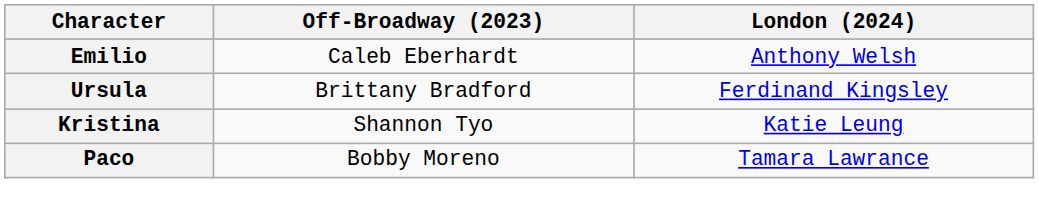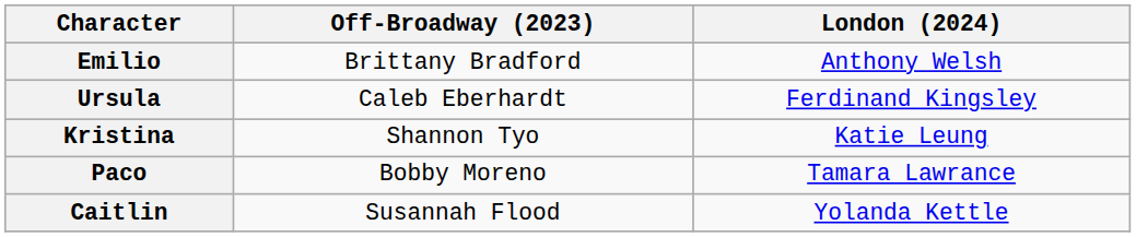 <table class="wikitable" style="width:50%; text-align:center">
 <tr>
 <th scope="col">Character</th>
 <th>Off-Broadway (2023)</th>
 <th>London (2024)</th>
 </tr>
 <tr>
 <th>Emilio</th>
-<td colspan="1">Caleb Eberhardt</td>
+<td colspan="1”">Brittany Bradford</td>
 <td colspan="1"><a href='#'>Anthony Welsh</a></td>
 </tr>
 <tr>
 <th>Ursula</th>
-<td colspan="1”">Brittany Bradford</td>
+<td colspan="1">Caleb Eberhardt</td>
 <td colspan="1"><a href='#'>Ferdinand Kingsley</a></td>
 </tr>
 <tr>
 <th>Kristina</th>
 <td colspan="1”">Shannon Tyo</td>
 <td colspan="1”"><a href='#'>Katie Leung</a></td>
 </tr>
 <tr>
 <th>Paco</th>
 <td colspan="1">Bobby Moreno</td>
 <td colspan="1”"><a href='#'>Tamara Lawrance</a></td>
 </tr>
+<tr>
+<th>Caitlin</th>
+<td colspan="1">Susannah Flood</td>
+<td colspan="1"><a href='#'>Yolanda Kettle</a></td>
+</tr>
 </table>
